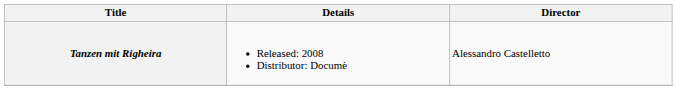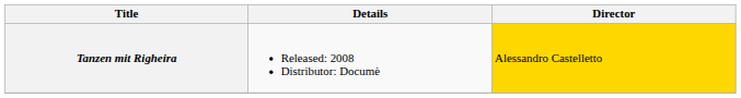 <table class="wikitable plainrowheaders">
 <tr>
 <th scope="col" style="width:20em;">Title</th>
 <th scope="col" style="width:20em;">Details</th>
 <th scope="col" style="width:20em;">Director</th>
 </tr>
 <tr>
 <th scope="row"><em>Tanzen mit Righeira</em></th>
 <td><br><ul><li>Released: 2008</li><li>Distributor: Documè</li></ul></td>
-<td>Alessandro Castelletto</td>
+<td style="background: gold;">Alessandro Castelletto</td>
 </tr>
 <tr>
 </tr>
 </table>
